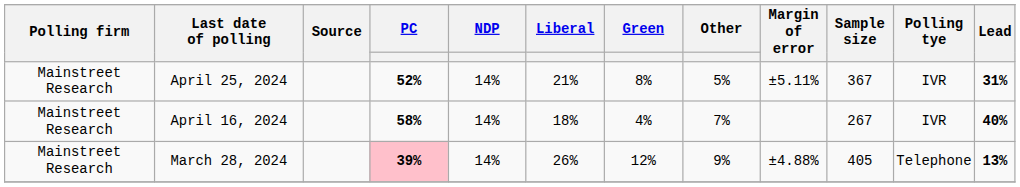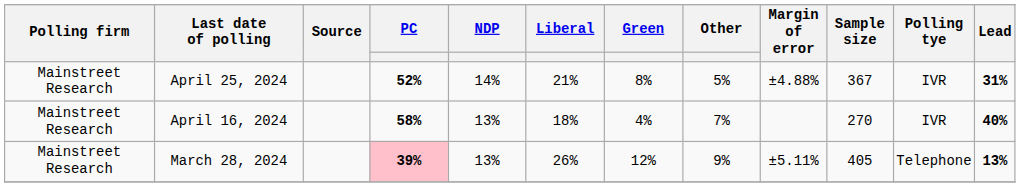 <table class="wikitable sortable mw-datatable" style="text-align:center; font-size:90%; line-height:14px">
 <tr>
 </tr>
 <tr style="height:40px;">
 <th style="width:120px" rowspan="2">Polling firm</th>
 <th style="width:120px" rowspan="2">Last date<br>of polling</th>
 <th style="width:50px;" rowspan="2">Source</th>
 <th style="width:60px;"><a href='#'>PC</a></th>
 <th style="width:60px;"><a href='#'>NDP</a></th>
 <th style="width:60px;"><a href='#'>Liberal</a></th>
 <th style="width:60px;"><a href='#'>Green</a></th>
 <th style="width:60px;">Other</th>
 <th rowspan="2" style="width:50px;">Margin of error</th>
 <th rowspan="2" style="width:50px;">Sample size</th>
 <th rowspan="2" style="width:50px;">Polling tye</th>
 <th rowspan="2" style="width:25px;" data-sort-type="number">Lead</th>
 </tr>
 <tr class="sorttop">
 <th style="background:"></th>
 <th style="background:"></th>
 <th style="background:"></th>
 <th style="background:"></th>
 <th style="background:"></th>
 </tr>
 <tr>
 <td>Mainstreet Research</td>
 <td>April 25, 2024</td>
 <td></td>
 <td><strong>52%</strong></td>
 <td>14%</td>
 <td>21%</td>
 <td>8%</td>
 <td>5%</td>
-<td>±5.11%</td>
+<td>±4.88%</td>
 <td>367</td>
 <td>IVR</td>
 <td><strong>31%</strong></td>
 </tr>
 <tr>
 <td>Mainstreet Research</td>
 <td>April 16, 2024</td>
 <td></td>
 <td><strong>58%</strong></td>
-<td>14%</td>
+<td>13%</td>
 <td>18%</td>
 <td>4%</td>
 <td>7%</td>
 <td></td>
-<td>267</td>
+<td>270</td>
 <td>IVR</td>
 <td><strong>40%</strong></td>
 </tr>
 <tr>
 <td>Mainstreet Research</td>
 <td>March 28, 2024</td>
 <td></td>
 <td style="background: pink;"><strong>39%</strong></td>
-<td>14%</td>
+<td>13%</td>
 <td>26%</td>
 <td>12%</td>
 <td>9%</td>
-<td>±4.88%</td>
+<td>±5.11%</td>
 <td>405</td>
 <td>Telephone</td>
 <td><strong>13%</strong></td>
 </tr>
 <tr>
 </tr>
 </table>
